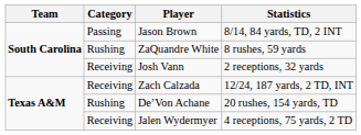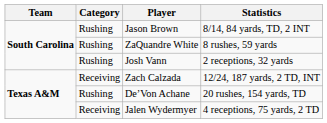 <table class="wikitable" style="float: right;">
 <tr>
 <th>Team</th>
 <th>Category</th>
 <th>Player</th>
 <th>Statistics</th>
 </tr>
 <tr>
 <td rowspan=3><strong>South Carolina</strong></td>
-<td>Passing</td>
+<td>Rushing</td>
 <td>Jason Brown</td>
 <td>8/14, 84 yards, TD, 2 INT</td>
 </tr>
 <tr>
 <td>Rushing</td>
 <td>ZaQuandre White</td>
 <td>8 rushes, 59 yards</td>
 </tr>
 <tr>
-<td>Receiving</td>
+<td>Rushing</td>
 <td>Josh Vann</td>
 <td>2 receptions, 32 yards</td>
 </tr>
 <tr>
 <td rowspan=3><strong>Texas A&M</strong></td>
 <td>Receiving</td>
 <td>Zach Calzada</td>
 <td>12/24, 187 yards, 2 TD, INT</td>
 </tr>
 <tr>
 <td>Rushing</td>
 <td>De’Von Achane</td>
 <td>20 rushes, 154 yards, TD</td>
 </tr>
 <tr>
 <td>Receiving</td>
 <td>Jalen Wydermyer</td>
 <td>4 receptions, 75 yards, 2 TD</td>
 </tr>
 </table>
